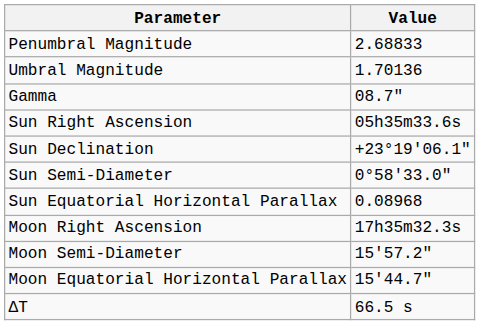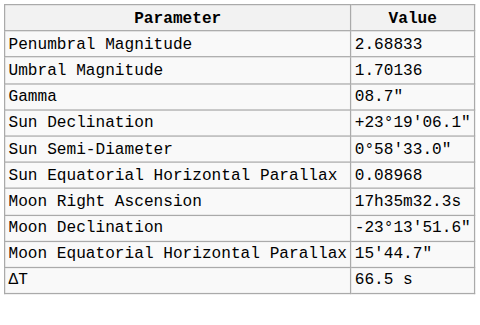 <table class="wikitable">
 <tr>
 <th>Parameter</th>
 <th>Value</th>
 </tr>
 <tr>
 <td>Penumbral Magnitude</td>
 <td>2.68833</td>
 </tr>
 <tr>
 <td>Umbral Magnitude</td>
 <td>1.70136</td>
 </tr>
 <tr>
 <td>Gamma</td>
 <td>08.7"</td>
 </tr>
 <tr>
-<td>Sun Right Ascension</td>
-<td>05h35m33.6s</td>
-</tr>
-<tr>
 <td>Sun Declination</td>
 <td>+23°19'06.1"</td>
 </tr>
 <tr>
 <td>Sun Semi-Diameter</td>
 <td>0°58'33.0"</td>
 </tr>
 <tr>
 <td>Sun Equatorial Horizontal Parallax</td>
 <td>0.08968</td>
 </tr>
 <tr>
 <td>Moon Right Ascension</td>
 <td>17h35m32.3s</td>
 </tr>
 <tr>
-<td>Moon Semi-Diameter</td>
-<td>15'57.2"</td>
+<td>Moon Declination</td>
+<td>-23°13'51.6"</td>
 </tr>
 <tr>
 <td>Moon Equatorial Horizontal Parallax</td>
 <td>15'44.7"</td>
 </tr>
 <tr>
 <td>ΔT</td>
 <td>66.5 s</td>
 </tr>
 </table>
